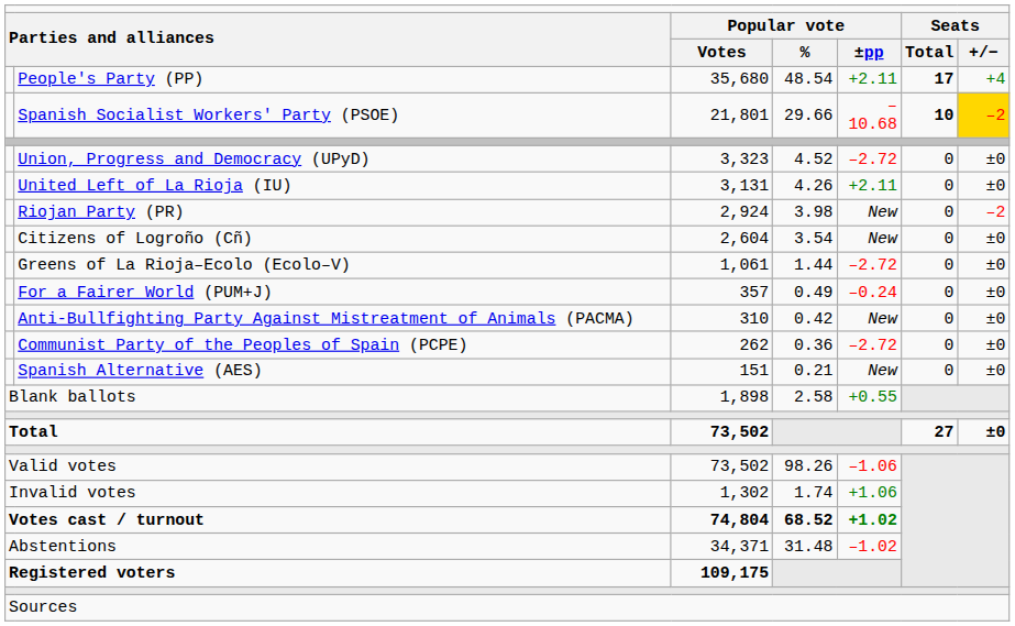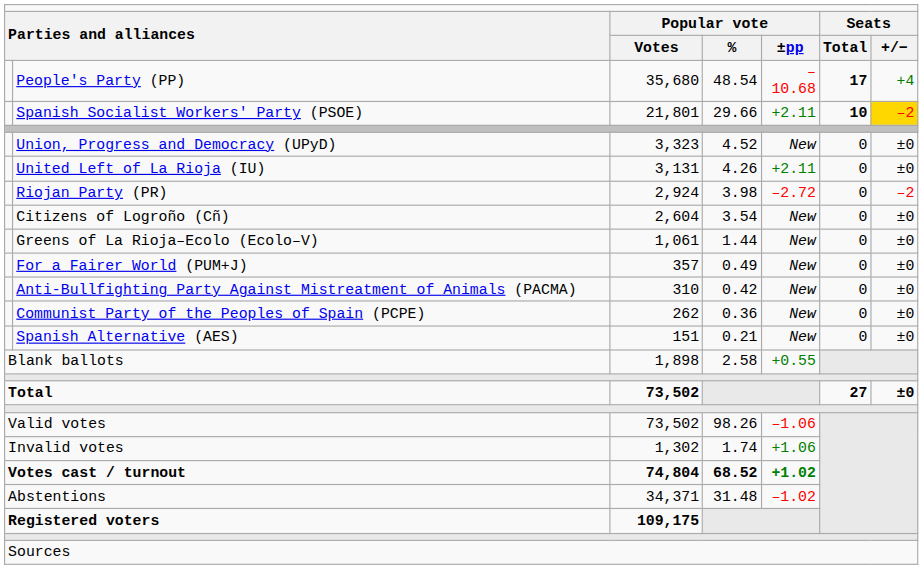 <table class="wikitable" style="text-align:right;">
 <tr>
 <td colspan="7"></td>
 </tr>
 <tr>
 <th style="text-align:left;" rowspan="2" colspan="2" width="525">Parties and alliances</th>
 <th colspan="3">Popular vote</th>
 <th colspan="2">Seats</th>
 </tr>
 <tr>
 <th width="75">Votes</th>
 <th width="45">%</th>
 <th width="45">±<a href='#'>pp</a></th>
 <th width="35">Total</th>
 <th width="35">+/−</th>
 </tr>
 <tr>
 <td width="1" style="color:inherit;background:"></td>
 <td align="left"><a href='#'>People's Party</a> (PP)</td>
 <td>35,680</td>
 <td>48.54</td>
-<td style="color:green;">+2.11</td>
+<td style="color:red;">–10.68</td>
 <td><strong>17</strong></td>
 <td style="color:green;">+4</td>
 </tr>
 <tr>
 <td style="color:inherit;background:"></td>
 <td align="left"><a href='#'>Spanish Socialist Workers' Party</a> (PSOE)</td>
 <td>21,801</td>
 <td>29.66</td>
-<td style="color:red;">–10.68</td>
+<td style="color:green;">+2.11</td>
 <td><strong>10</strong></td>
 <td style="background: gold; color:red;">–2</td>
 </tr>
 <tr>
 <td colspan="7" bgcolor="#C0C0C0"></td>
 </tr>
 <tr>
 <td style="color:inherit;background:"></td>
 <td align="left"><a href='#'>Union, Progress and Democracy</a> (UPyD)</td>
 <td>3,323</td>
 <td>4.52</td>
-<td style="color:red;">–2.72</td>
+<td><em>New</em></td>
 <td>0</td>
 <td>±0</td>
 </tr>
 <tr>
 <td style="color:inherit;background:"></td>
 <td align="left"><a href='#'>United Left of La Rioja</a> (IU)</td>
 <td>3,131</td>
 <td>4.26</td>
 <td style="color:green;">+2.11</td>
 <td>0</td>
 <td>±0</td>
 </tr>
 <tr>
 <td style="color:inherit;background:"></td>
 <td align="left"><a href='#'>Riojan Party</a> (PR)</td>
 <td>2,924</td>
 <td>3.98</td>
-<td><em>New</em></td>
+<td style="color:red;">–2.72</td>
 <td>0</td>
 <td style="color:red;">–2</td>
 </tr>
 <tr>
 <td style="color:inherit;background:"></td>
 <td align="left">Citizens of Logroño (Cñ)</td>
 <td>2,604</td>
 <td>3.54</td>
 <td><em>New</em></td>
 <td>0</td>
 <td>±0</td>
 </tr>
 <tr>
 <td style="color:inherit;background:"></td>
 <td align="left">Greens of La Rioja–Ecolo (Ecolo–V)</td>
 <td>1,061</td>
 <td>1.44</td>
-<td style="color:red;">–2.72</td>
+<td><em>New</em></td>
 <td>0</td>
 <td>±0</td>
 </tr>
 <tr>
 <td style="color:inherit;background:"></td>
 <td align="left"><a href='#'>For a Fairer World</a> (PUM+J)</td>
 <td>357</td>
 <td>0.49</td>
-<td style="color:red;">–0.24</td>
+<td><em>New</em></td>
 <td>0</td>
 <td>±0</td>
 </tr>
 <tr>
 <td style="color:inherit;background:"></td>
 <td align="left"><a href='#'>Anti-Bullfighting Party Against Mistreatment of Animals</a> (PACMA)</td>
 <td>310</td>
 <td>0.42</td>
 <td><em>New</em></td>
 <td>0</td>
 <td>±0</td>
 </tr>
 <tr>
 <td style="color:inherit;background:"></td>
 <td align="left"><a href='#'>Communist Party of the Peoples of Spain</a> (PCPE)</td>
 <td>262</td>
 <td>0.36</td>
-<td style="color:red;">–2.72</td>
+<td><em>New</em></td>
 <td>0</td>
 <td>±0</td>
 </tr>
 <tr>
 <td style="color:inherit;background:"></td>
 <td align="left"><a href='#'>Spanish Alternative</a> (AES)</td>
 <td>151</td>
 <td>0.21</td>
 <td><em>New</em></td>
 <td>0</td>
 <td>±0</td>
 </tr>
 <tr>
 <td align="left" colspan="2">Blank ballots</td>
 <td>1,898</td>
 <td>2.58</td>
 <td style="color:green;">+0.55</td>
 <td bgcolor="#E9E9E9" colspan="2"></td>
 </tr>
 <tr>
 <td colspan="7" bgcolor="#E9E9E9"></td>
 </tr>
 <tr style="font-weight:bold;">
 <td align="left" colspan="2">Total</td>
 <td>73,502</td>
 <td bgcolor="#E9E9E9" colspan="2"></td>
 <td>27</td>
 <td>±0</td>
 </tr>
 <tr>
 <td colspan="7" bgcolor="#E9E9E9"></td>
 </tr>
 <tr>
 <td align="left" colspan="2">Valid votes</td>
 <td>73,502</td>
 <td>98.26</td>
 <td style="color:red;">–1.06</td>
 <td bgcolor="#E9E9E9" colspan="2" rowspan="5"></td>
 </tr>
 <tr>
 <td align="left" colspan="2">Invalid votes</td>
 <td>1,302</td>
 <td>1.74</td>
 <td style="color:green;">+1.06</td>
 </tr>
 <tr style="font-weight:bold;">
 <td align="left" colspan="2">Votes cast / turnout</td>
 <td>74,804</td>
 <td>68.52</td>
 <td style="color:green;">+1.02</td>
 </tr>
 <tr>
 <td align="left" colspan="2">Abstentions</td>
 <td>34,371</td>
 <td>31.48</td>
 <td style="color:red;">–1.02</td>
 </tr>
 <tr style="font-weight:bold;">
 <td align="left" colspan="2">Registered voters</td>
 <td>109,175</td>
 <td bgcolor="#E9E9E9" colspan="2"></td>
 </tr>
 <tr>
 <td colspan="7" bgcolor="#E9E9E9"></td>
 </tr>
 <tr>
 <td align="left" colspan="7">Sources</td>
 </tr>
 </table>
